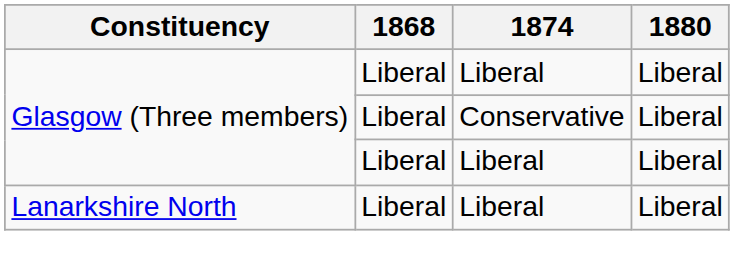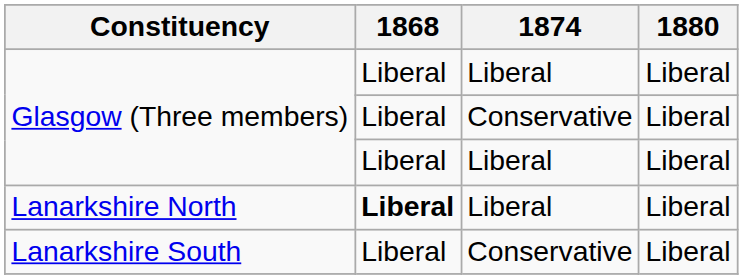 <table class="wikitable">
 <tr>
 <th>Constituency</th>
 <th>1868</th>
 <th>1874</th>
 <th>1880</th>
 </tr>
 <tr>
 <td rowspan="3"><a href='#'>Glasgow</a> (Three members)</td>
 <td>Liberal</td>
 <td>Liberal</td>
 <td>Liberal</td>
 </tr>
 <tr>
 <td>Liberal</td>
 <td>Conservative</td>
 <td>Liberal</td>
 </tr>
 <tr>
 <td>Liberal</td>
 <td>Liberal</td>
 <td>Liberal</td>
 </tr>
 <tr>
 <td><a href='#'>Lanarkshire North</a></td>
-<td>Liberal</td>
+<td><strong>Liberal</strong></td>
 <td>Liberal</td>
 <td>Liberal</td>
 </tr>
+<tr>
+<td><a href='#'>Lanarkshire South</a></td>
+<td>Liberal</td>
+<td>Conservative</td>
+<td>Liberal</td>
+</tr>
 </table>
